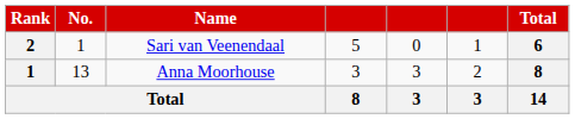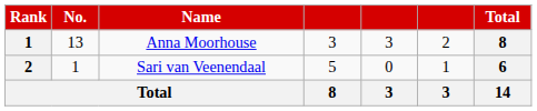 <table class="wikitable" style="text-align:center; font-size:100%; ">
 <tr>
 <th style="background:#d50000; color:white; text-align:center; width:40px">Rank</th>
 <th style="background:#d50000; color:white; text-align:center; width:40px">No.</th>
 <th style="background:#d50000; color:white; text-align:center; width:200px">Name</th>
 <th style="background:#d50000; color:white; text-align:center; width:50px;"><a href='#'></a></th>
 <th style="background:#d50000; color:white; text-align:center; width:50px;"><a href='#'></a></th>
 <th style="background:#d50000; color:white; text-align:center; width:50px;"><a href='#'></a></th>
 <th style="background:#d50000; color:white; text-align:center; width:50px;">Total</th>
 </tr>
 <tr>
+<th>1</th>
+<td>13</td>
+<td> <a href='#'>Anna Moorhouse</a></td>
+<td>3</td>
+<td>3</td>
+<td>2</td>
+<th>8</th>
+</tr>
+<tr>
 <th>2</th>
 <td>1</td>
 <td> <a href='#'>Sari van Veenendaal</a></td>
 <td>5</td>
 <td>0</td>
 <td>1</td>
 <th>6</th>
 </tr>
 <tr>
-<th>1</th>
-<td>13</td>
-<td> <a href='#'>Anna Moorhouse</a></td>
-<td>3</td>
-<td>3</td>
-<td>2</td>
-<th>8</th>
-</tr>
-<tr>
 <th colspan="3">Total</th>
 <th>8</th>
 <th>3</th>
 <th>3</th>
 <th>14</th>
 </tr>
 </table>
